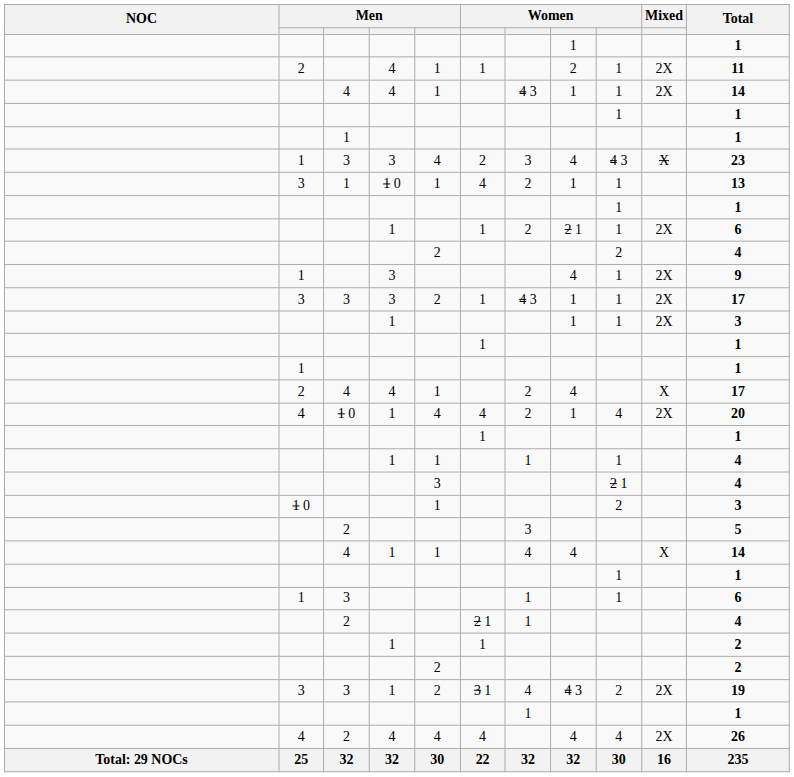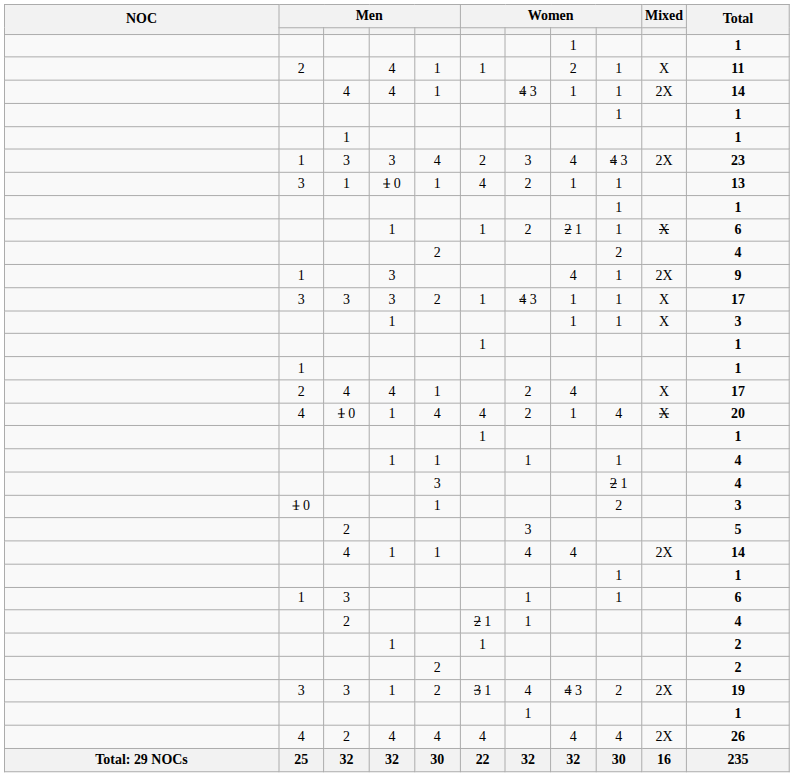 <table class="wikitable sortable" width=810 style="text-align:center; font-size:90%">
 <tr>
 <th rowspan="2" align="center">NOC</th>
 <th colspan="4">Men</th>
 <th colspan="4">Women</th>
 <th>Mixed</th>
 <th rowspan="2">Total</th>
 </tr>
 <tr>
 <th width=40></th>
 <th width=40></th>
 <th width=40></th>
 <th width=40></th>
 <th width=40></th>
 <th width=40></th>
 <th width=40></th>
 <th width=40></th>
 <th width=40></th>
 </tr>
 <tr>
 <td align="left"></td>
 <td></td>
 <td></td>
 <td></td>
 <td></td>
 <td></td>
 <td></td>
 <td>1</td>
 <td></td>
 <td></td>
 <td><strong>1</strong></td>
 </tr>
 <tr>
 <td align="left"></td>
 <td>2</td>
 <td></td>
 <td>4</td>
 <td>1</td>
 <td>1</td>
 <td></td>
 <td>2</td>
 <td>1</td>
-<td>2X</td>
+<td>X</td>
 <td><strong>11</strong></td>
 </tr>
 <tr>
 <td align="left"></td>
 <td></td>
 <td>4</td>
 <td>4</td>
 <td>1</td>
 <td></td>
 <td><s>4</s> 3</td>
 <td>1</td>
 <td>1</td>
 <td>2X</td>
 <td><strong>14</strong></td>
 </tr>
 <tr>
 <td align="left"></td>
 <td></td>
 <td></td>
 <td></td>
 <td></td>
 <td></td>
 <td></td>
 <td></td>
 <td>1</td>
 <td></td>
 <td><strong>1</strong></td>
 </tr>
 <tr>
 <td align="left"></td>
 <td></td>
 <td>1</td>
 <td></td>
 <td></td>
 <td></td>
 <td></td>
 <td></td>
 <td></td>
 <td></td>
 <td><strong>1</strong></td>
 </tr>
 <tr>
 <td align="left"></td>
 <td>1</td>
 <td>3</td>
 <td>3</td>
 <td>4</td>
 <td>2</td>
 <td>3</td>
 <td>4</td>
 <td><s>4</s> 3</td>
-<td><s>X</s></td>
+<td>2X</td>
 <td><strong>23</strong></td>
 </tr>
 <tr>
 <td align="left"></td>
 <td>3</td>
 <td>1</td>
 <td><s>1</s> 0</td>
 <td>1</td>
 <td>4</td>
 <td>2</td>
 <td>1</td>
 <td>1</td>
 <td></td>
 <td><strong>13</strong></td>
 </tr>
 <tr>
 <td align="left"></td>
 <td></td>
 <td></td>
 <td></td>
 <td></td>
 <td></td>
 <td></td>
 <td></td>
 <td>1</td>
 <td></td>
 <td><strong>1</strong></td>
 </tr>
 <tr>
 <td align="left"></td>
 <td></td>
 <td></td>
 <td>1</td>
 <td></td>
 <td>1</td>
 <td>2</td>
 <td><s>2</s> 1</td>
 <td>1</td>
-<td>2X</td>
+<td><s>X</s></td>
 <td><strong>6</strong></td>
 </tr>
 <tr>
 <td align="left"></td>
 <td></td>
 <td></td>
 <td></td>
 <td>2</td>
 <td></td>
 <td></td>
 <td></td>
 <td>2</td>
 <td></td>
 <td><strong>4</strong></td>
 </tr>
 <tr>
 <td align="left"></td>
 <td>1</td>
 <td></td>
 <td>3</td>
 <td></td>
 <td></td>
 <td></td>
 <td>4</td>
 <td>1</td>
 <td>2X</td>
 <td><strong>9</strong></td>
 </tr>
 <tr>
 <td align="left"></td>
 <td>3</td>
 <td>3</td>
 <td>3</td>
 <td>2</td>
 <td>1</td>
 <td><s>4</s> 3</td>
 <td>1</td>
 <td>1</td>
-<td>2X</td>
+<td>X</td>
 <td><strong>17</strong></td>
 </tr>
 <tr>
 <td align="left"></td>
 <td></td>
 <td></td>
 <td>1</td>
 <td></td>
 <td></td>
 <td></td>
 <td>1</td>
 <td>1</td>
-<td>2X</td>
+<td>X</td>
 <td><strong>3</strong></td>
 </tr>
 <tr>
 <td align="left"></td>
 <td></td>
 <td></td>
 <td></td>
 <td></td>
 <td>1</td>
 <td></td>
 <td></td>
 <td></td>
 <td></td>
 <td><strong>1</strong></td>
 </tr>
 <tr>
 <td align="left"></td>
 <td>1</td>
 <td></td>
 <td></td>
 <td></td>
 <td></td>
 <td></td>
 <td></td>
 <td></td>
 <td></td>
 <td><strong>1</strong></td>
 </tr>
 <tr>
 <td align="left"></td>
 <td>2</td>
 <td>4</td>
 <td>4</td>
 <td>1</td>
 <td></td>
 <td>2</td>
 <td>4</td>
 <td></td>
 <td>X</td>
 <td><strong>17</strong></td>
 </tr>
 <tr>
 <td align="left"></td>
 <td>4</td>
 <td><s>1</s> 0</td>
 <td>1</td>
 <td>4</td>
 <td>4</td>
 <td>2</td>
 <td>1</td>
 <td>4</td>
-<td>2X</td>
+<td><s>X</s></td>
 <td><strong>20</strong></td>
 </tr>
 <tr>
 <td align="left"></td>
 <td></td>
 <td></td>
 <td></td>
 <td></td>
 <td>1</td>
 <td></td>
 <td></td>
 <td></td>
 <td></td>
 <td><strong>1</strong></td>
 </tr>
 <tr>
 <td align="left"></td>
 <td></td>
 <td></td>
 <td>1</td>
 <td>1</td>
 <td></td>
 <td>1</td>
 <td></td>
 <td>1</td>
 <td></td>
 <td><strong>4</strong></td>
 </tr>
 <tr>
 <td align="left"></td>
 <td></td>
 <td></td>
 <td></td>
 <td>3</td>
 <td></td>
 <td></td>
 <td></td>
 <td><s>2</s> 1</td>
 <td></td>
 <td><strong>4</strong></td>
 </tr>
 <tr>
 <td align="left"></td>
 <td><s>1</s> 0</td>
 <td></td>
 <td></td>
 <td>1</td>
 <td></td>
 <td></td>
 <td></td>
 <td>2</td>
 <td></td>
 <td><strong>3</strong></td>
 </tr>
 <tr>
 <td align="left"></td>
 <td></td>
 <td>2</td>
 <td></td>
 <td></td>
 <td></td>
 <td>3</td>
 <td></td>
 <td></td>
 <td></td>
 <td><strong>5</strong></td>
 </tr>
 <tr>
 <td align="left"></td>
 <td></td>
 <td>4</td>
 <td>1</td>
 <td>1</td>
 <td></td>
 <td>4</td>
 <td>4</td>
 <td></td>
-<td>X</td>
+<td>2X</td>
 <td><strong>14</strong></td>
 </tr>
 <tr>
 <td align="left"></td>
 <td></td>
 <td></td>
 <td></td>
 <td></td>
 <td></td>
 <td></td>
 <td></td>
 <td>1</td>
 <td></td>
 <td><strong>1</strong></td>
 </tr>
 <tr>
 <td align="left"></td>
 <td>1</td>
 <td>3</td>
 <td></td>
 <td></td>
 <td></td>
 <td>1</td>
 <td></td>
 <td>1</td>
 <td></td>
 <td><strong>6</strong></td>
 </tr>
 <tr>
 <td align="left"></td>
 <td></td>
 <td>2</td>
 <td></td>
 <td></td>
 <td><s>2</s> 1</td>
 <td>1</td>
 <td></td>
 <td></td>
 <td></td>
 <td><strong>4</strong></td>
 </tr>
 <tr>
 <td align="left"></td>
 <td></td>
 <td></td>
 <td>1</td>
 <td></td>
 <td>1</td>
 <td></td>
 <td></td>
 <td></td>
 <td></td>
 <td><strong>2</strong></td>
 </tr>
 <tr>
 <td align="left"></td>
 <td></td>
 <td></td>
 <td></td>
 <td>2</td>
 <td></td>
 <td></td>
 <td></td>
 <td></td>
 <td></td>
 <td><strong>2</strong></td>
 </tr>
 <tr>
 <td align="left"></td>
 <td>3</td>
 <td>3</td>
 <td>1</td>
 <td>2</td>
 <td><s>3</s> 1</td>
 <td>4</td>
 <td><s>4</s> 3</td>
 <td>2</td>
 <td>2X</td>
 <td><strong>19</strong></td>
 </tr>
 <tr>
 <td align="left"></td>
 <td></td>
 <td></td>
 <td></td>
 <td></td>
 <td></td>
 <td>1</td>
 <td></td>
 <td></td>
 <td></td>
 <td><strong>1</strong></td>
 </tr>
 <tr>
 <td align="left"></td>
 <td>4</td>
 <td>2</td>
 <td>4</td>
 <td>4</td>
 <td>4</td>
 <td></td>
 <td>4</td>
 <td>4</td>
 <td>2X</td>
 <td><strong>26</strong></td>
 </tr>
 <tr>
 <th>Total: 29 NOCs</th>
 <th>25</th>
 <th>32</th>
 <th>32</th>
 <th>30</th>
 <th>22</th>
 <th>32</th>
 <th>32</th>
 <th>30</th>
 <th>16</th>
 <th>235</th>
 </tr>
 </table>
